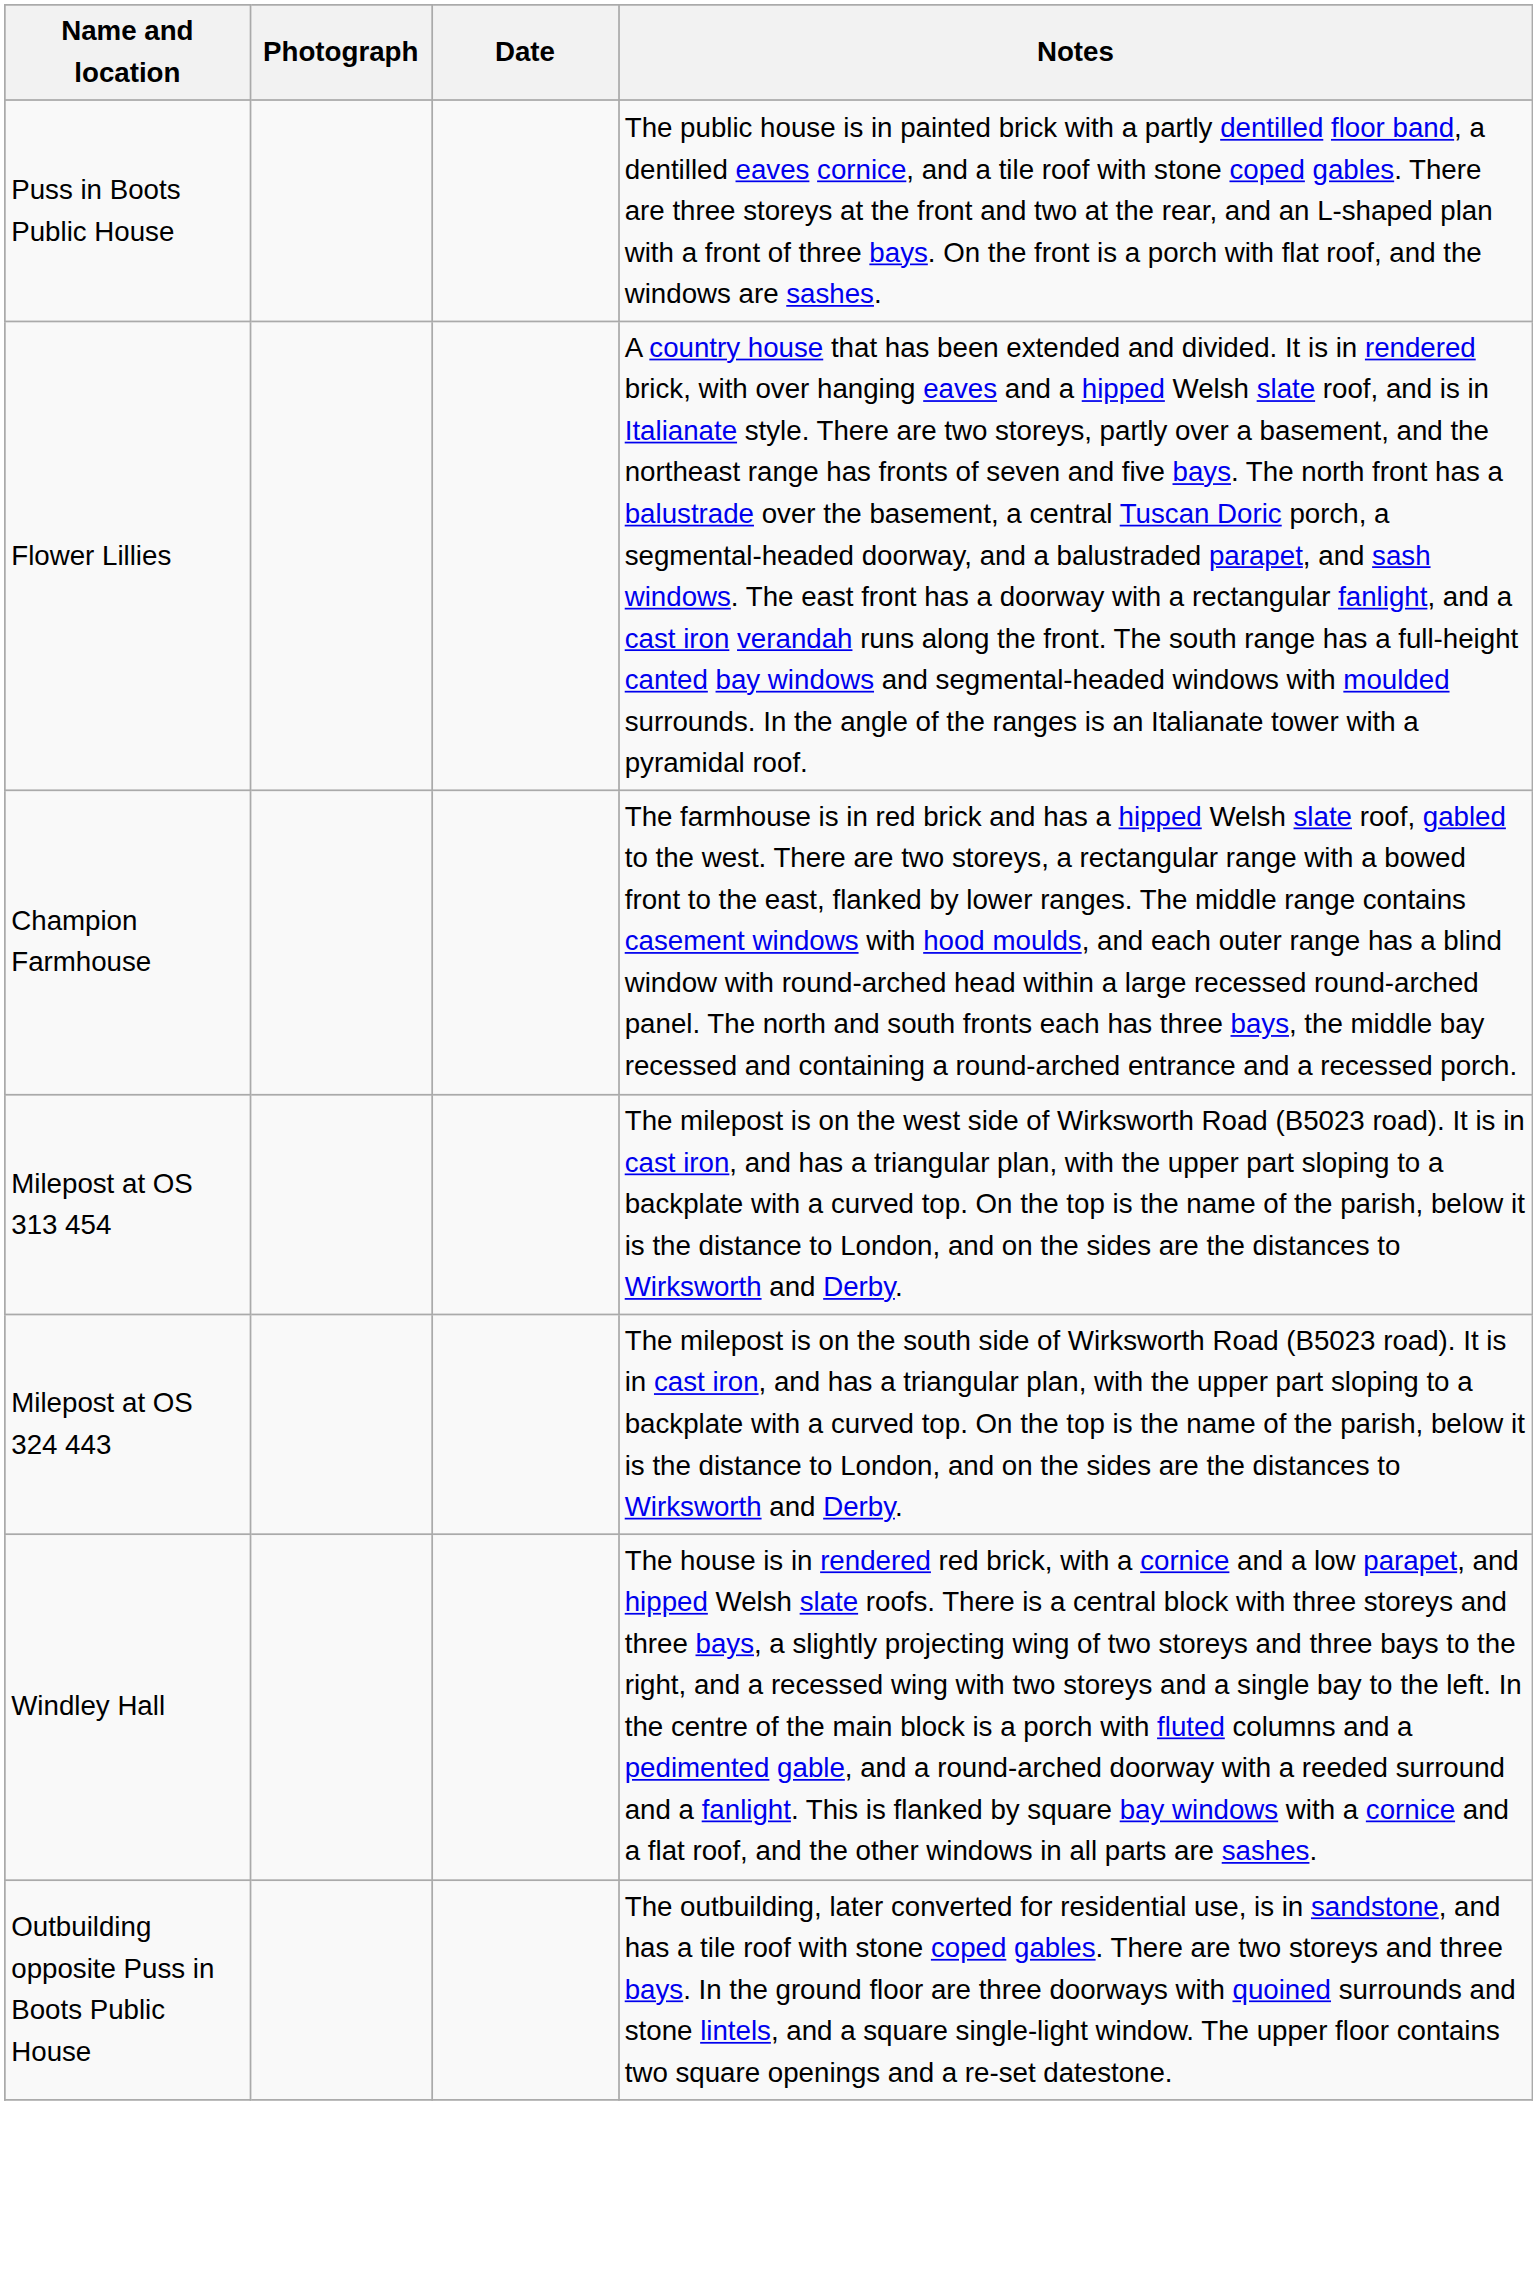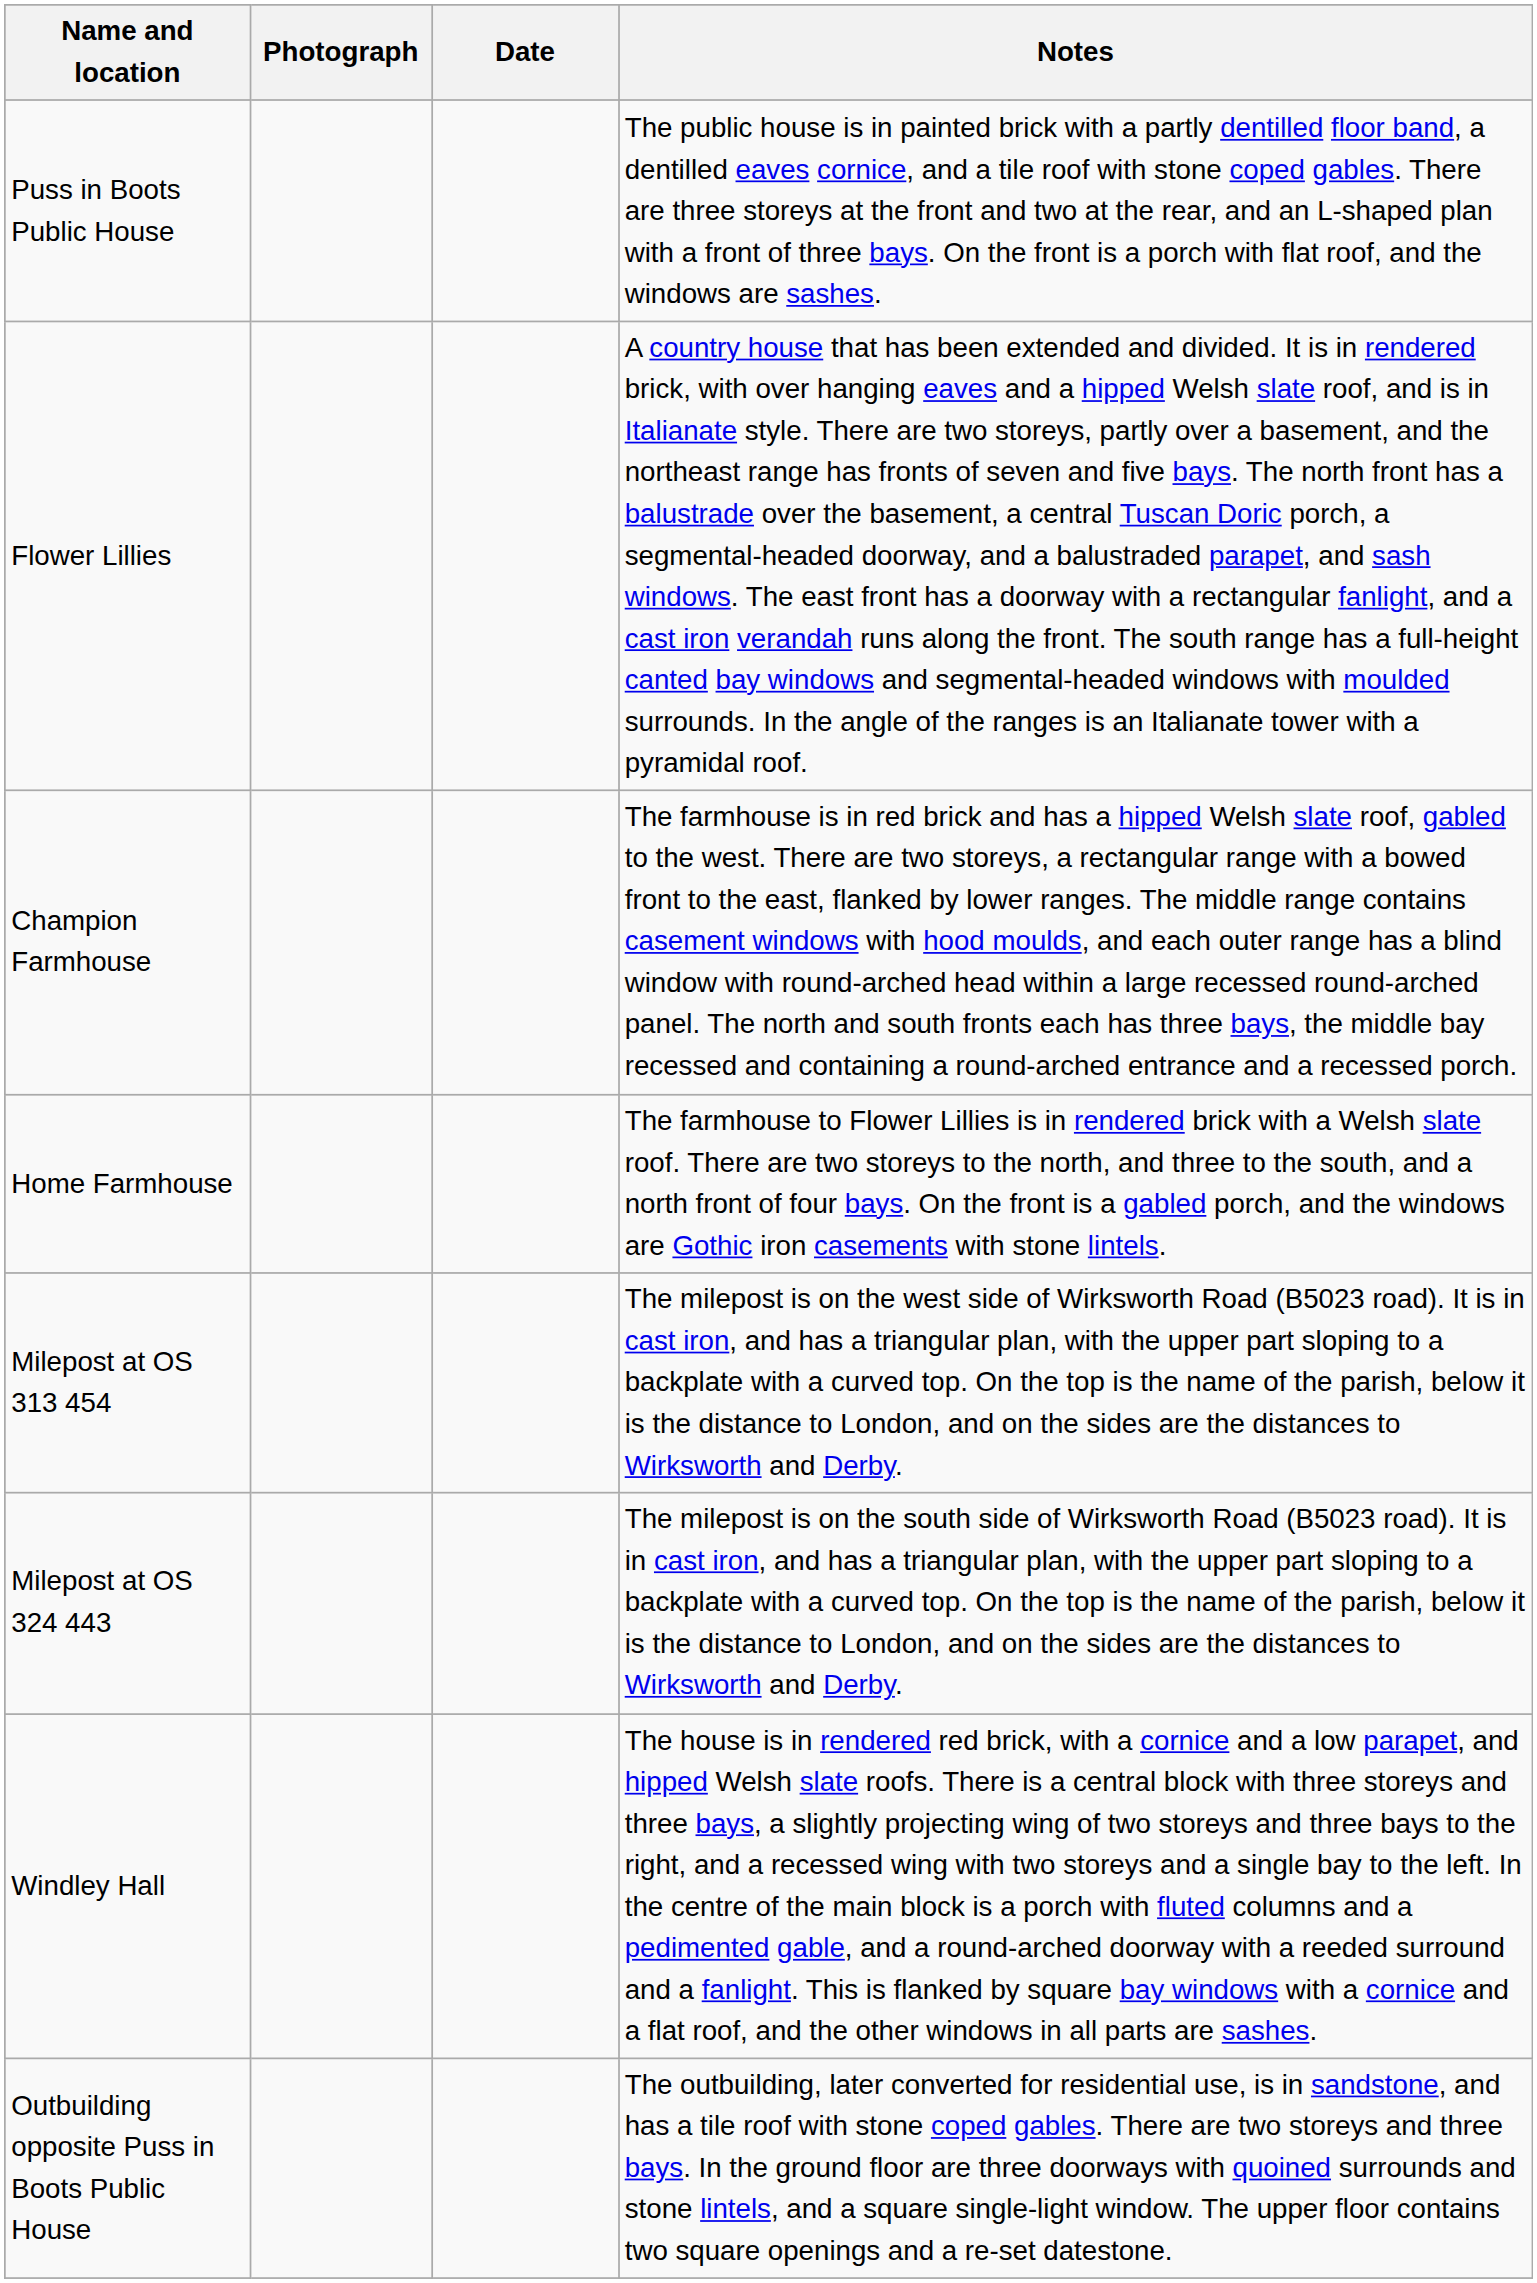 <table class="wikitable sortable plainrowheaders" style="width:100%;border:0px;text-align:left;line-height:150%;">
 <tr>
 <th scope="col"  style="width:150px">Name and location</th>
 <th scope="col"  style="width:100px" class="unsortable">Photograph</th>
 <th scope="col"  style="width:120px">Date</th>
 <th scope="col"  style="width:650px" class="unsortable">Notes</th>
 </tr>
 <tr>
 <td>Puss in Boots Public House<br><small></small></td>
 <td></td>
 <td align="center"></td>
 <td>The public house is in painted brick with a partly <a href='#'>dentilled</a> <a href='#'>floor band</a>, a dentilled <a href='#'>eaves</a> <a href='#'>cornice</a>, and a tile roof with stone <a href='#'>coped</a> <a href='#'>gables</a>.  There are three storeys at the front and two at the rear, and an L-shaped plan with a front of three <a href='#'>bays</a>.  On the front is a porch with flat roof, and the windows are <a href='#'>sashes</a>.</td>
 </tr>
 <tr>
 <td>Flower Lillies<br><small></small></td>
 <td></td>
 <td align="center"></td>
 <td>A <a href='#'>country house</a> that has been extended and divided.  It is in <a href='#'>rendered</a> brick, with over hanging <a href='#'>eaves</a> and a <a href='#'>hipped</a> Welsh <a href='#'>slate</a> roof, and is in <a href='#'>Italianate</a> style.  There are two storeys, partly over a basement, and the northeast range has fronts of seven and five <a href='#'>bays</a>.  The north front has a <a href='#'>balustrade</a> over the basement, a central <a href='#'>Tuscan Doric</a> porch, a segmental-headed doorway, and a balustraded <a href='#'>parapet</a>, and <a href='#'>sash windows</a>.  The east front has a doorway with a rectangular <a href='#'>fanlight</a>, and a <a href='#'>cast iron</a> <a href='#'>verandah</a> runs along the front.   The south range has a full-height <a href='#'>canted</a> <a href='#'>bay windows</a> and segmental-headed windows with <a href='#'>moulded</a> surrounds.  In the angle of the ranges is an Italianate tower with a pyramidal roof.</td>
 </tr>
 <tr>
 <td>Champion Farmhouse<br><small></small></td>
 <td></td>
 <td align="center"></td>
 <td>The farmhouse is in red brick and has a <a href='#'>hipped</a> Welsh <a href='#'>slate</a> roof, <a href='#'>gabled</a> to the west.  There are two storeys, a rectangular range with a bowed front to the east, flanked by lower ranges.  The middle range contains <a href='#'>casement windows</a> with <a href='#'>hood moulds</a>, and each outer range has a blind window with round-arched head within a large recessed round-arched panel.  The north and south fronts each has three <a href='#'>bays</a>, the middle bay recessed and containing a round-arched entrance and a recessed porch.</td>
 </tr>
 <tr>
+<td>Home Farmhouse<br><small></small></td>
+<td></td>
+<td align="center"></td>
+<td>The farmhouse to Flower Lillies is in <a href='#'>rendered</a> brick with a Welsh <a href='#'>slate</a> roof.  There are two storeys to the north, and three to the south, and a north front of four <a href='#'>bays</a>.  On the front is a <a href='#'>gabled</a> porch, and the windows are <a href='#'>Gothic</a> iron <a href='#'>casements</a> with stone <a href='#'>lintels</a>.</td>
+</tr>
+<tr>
 <td>Milepost at OS 313 454<br><small></small></td>
 <td></td>
 <td align="center"></td>
 <td>The milepost is on the west side of Wirksworth Road (B5023 road).  It is in <a href='#'>cast iron</a>, and has a triangular plan, with the upper part sloping to a backplate with a curved top.  On the top is the name of the parish, below it is the distance to London, and on the sides are the distances to <a href='#'>Wirksworth</a> and <a href='#'>Derby</a>.</td>
 </tr>
 <tr>
 <td>Milepost at OS 324 443<br><small></small></td>
 <td></td>
 <td align="center"></td>
 <td>The milepost is on the south side of Wirksworth Road (B5023 road).  It is in <a href='#'>cast iron</a>, and has a triangular plan, with the upper part sloping to a backplate with a curved top.  On the top is the name of the parish, below it is the distance to London, and on the sides are the distances to <a href='#'>Wirksworth</a> and <a href='#'>Derby</a>.</td>
 </tr>
 <tr>
 <td>Windley Hall<br><small></small></td>
 <td></td>
 <td align="center"></td>
 <td>The house is in <a href='#'>rendered</a> red brick, with a <a href='#'>cornice</a> and a low <a href='#'>parapet</a>, and <a href='#'>hipped</a> Welsh <a href='#'>slate</a> roofs.  There is a central block with three storeys and three <a href='#'>bays</a>, a slightly projecting wing of two storeys and three bays to the right, and a recessed wing with two storeys and a single bay to the left.  In the centre of the main block is a porch with <a href='#'>fluted</a> columns and a <a href='#'>pedimented</a> <a href='#'>gable</a>, and a round-arched doorway with a reeded surround and a <a href='#'>fanlight</a>.  This is flanked by square <a href='#'>bay windows</a> with a <a href='#'>cornice</a> and a flat roof, and the other windows in all parts are <a href='#'>sashes</a>.</td>
 </tr>
 <tr>
 <td>Outbuilding opposite Puss in Boots Public House<br><small></small></td>
 <td></td>
 <td align="center"></td>
 <td>The outbuilding, later converted for residential use, is in <a href='#'>sandstone</a>, and has a tile roof with stone <a href='#'>coped</a> <a href='#'>gables</a>.  There are two storeys and three <a href='#'>bays</a>.  In the ground floor are three doorways with <a href='#'>quoined</a> surrounds and stone <a href='#'>lintels</a>, and a square single-light window.  The upper floor contains two square openings and a re-set datestone.</td>
 </tr>
 </table>
